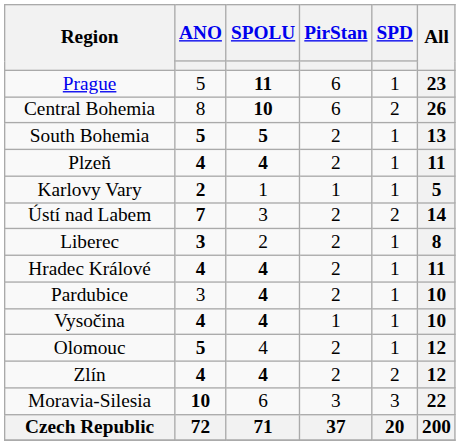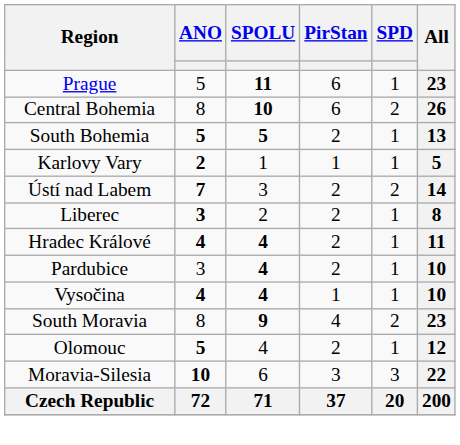 <table class="wikitable sortable" style="text-align:center; font-size:90%; line-height:13px;">
 <tr style="height:42px;">
 <th style="width:120px;" rowspan="2">Region</th>
 <th><a href='#'><span>ANO</span></a></th>
 <th><a href='#'><span>SPOLU</span></a></th>
 <th><a href='#'><span>PirStan</span></a></th>
 <th><a href='#'><span>SPD</span></a></th>
 <th style="width:20px;" rowspan="2">All</th>
 </tr>
 <tr class="sorttop">
 <th class="unsortable" style="color:inherit;background:"></th>
 <th class="unsortable" style="color:inherit;background:"></th>
 <th class="unsortable" style="color:inherit;background:"></th>
 <th class="unsortable" style="color:inherit;background:"></th>
 </tr>
 <tr>
 <td><a href='#'>Prague</a></td>
 <td>5</td>
 <td><strong>11</strong></td>
 <td>6</td>
 <td>1</td>
 <th>23</th>
 </tr>
 <tr>
 <td>Central Bohemia</td>
 <td>8</td>
 <td><strong>10</strong></td>
 <td>6</td>
 <td>2</td>
 <th>26</th>
 </tr>
 <tr>
 <td>South Bohemia</td>
 <td><strong>5</strong></td>
 <td><strong>5</strong></td>
 <td>2</td>
 <td>1</td>
 <th>13</th>
-</tr>
-<tr>
-<td>Plzeň</td>
-<td><strong>4</strong></td>
-<td><strong>4</strong></td>
-<td>2</td>
-<td>1</td>
-<th>11</th>
 </tr>
 <tr>
 <td>Karlovy Vary</td>
 <td><strong>2</strong></td>
 <td>1</td>
 <td>1</td>
 <td>1</td>
 <th>5</th>
 </tr>
 <tr>
 <td>Ústí nad Labem</td>
 <td><strong>7</strong></td>
 <td>3</td>
 <td>2</td>
 <td>2</td>
 <th>14</th>
 </tr>
 <tr>
 <td>Liberec</td>
 <td><strong>3</strong></td>
 <td>2</td>
 <td>2</td>
 <td>1</td>
 <th>8</th>
 </tr>
 <tr>
 <td>Hradec Králové</td>
 <td><strong>4</strong></td>
 <td><strong>4</strong></td>
 <td>2</td>
 <td>1</td>
 <th>11</th>
 </tr>
 <tr>
 <td>Pardubice</td>
 <td>3</td>
 <td><strong>4</strong></td>
 <td>2</td>
 <td>1</td>
 <th>10</th>
 </tr>
 <tr>
 <td>Vysočina</td>
 <td><strong>4</strong></td>
 <td><strong>4</strong></td>
 <td>1</td>
 <td>1</td>
 <th>10</th>
 </tr>
 <tr>
+<td>South Moravia</td>
+<td>8</td>
+<td><strong>9</strong></td>
+<td>4</td>
+<td>2</td>
+<th>23</th>
+</tr>
+<tr>
 <td>Olomouc</td>
 <td><strong>5</strong></td>
 <td>4</td>
 <td>2</td>
 <td>1</td>
-<th>12</th>
-</tr>
-<tr>
-<td>Zlín</td>
-<td><strong>4</strong></td>
-<td><strong>4</strong></td>
-<td>2</td>
-<td>2</td>
 <th>12</th>
 </tr>
 <tr>
 <td>Moravia-Silesia</td>
 <td><strong>10</strong></td>
 <td>6</td>
 <td>3</td>
 <td>3</td>
 <th>22</th>
 </tr>
 <tr class="sortbottom">
 <th>Czech Republic</th>
 <th><strong>72</strong></th>
 <th>71</th>
 <th>37</th>
 <th>20</th>
 <th>200</th>
 </tr>
 <tr class="sortbottom">
 </tr>
 </table>
